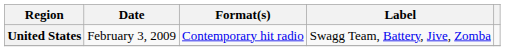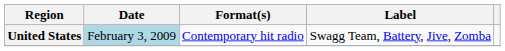 <table class="wikitable plainrowheaders">
 <tr>
 <th scope="col">Region</th>
 <th scope="col">Date</th>
 <th scope="col">Format(s)</th>
 <th scope="col">Label</th>
 <th scope="col"></th>
 </tr>
 <tr>
 <th scope="row">United States</th>
-<td>February 3, 2009</td>
+<td style="background: lightblue;">February 3, 2009</td>
 <td><a href='#'>Contemporary hit radio</a></td>
 <td>Swagg Team, <a href='#'>Battery</a>, <a href='#'>Jive</a>, <a href='#'>Zomba</a></td>
 <td></td>
 </tr>
 <tr>
 </tr>
 </table>
